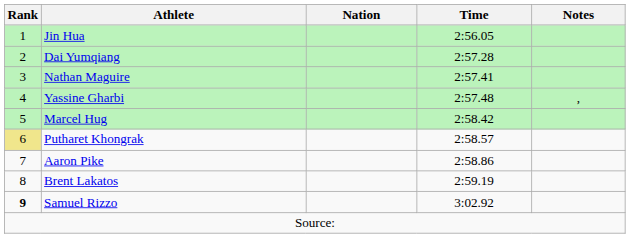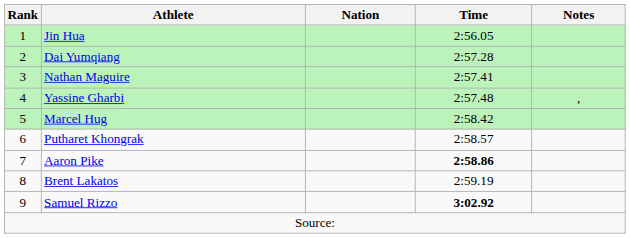 <table class="wikitable sortable" style="text-align:center;width: 60%;">
 <tr>
 <th scope="col" style="width: 10px;">Rank</th>
 <th scope="col">Athlete</th>
 <th scope="col">Nation</th>
 <th scope="col">Time</th>
 <th scope="col">Notes</th>
 </tr>
 <tr bgcolor=bbf3bb>
 <td>1</td>
 <td align=left><a href='#'>Jin Hua</a></td>
 <td align=left></td>
 <td>2:56.05</td>
 <td></td>
 </tr>
 <tr bgcolor=bbf3bb>
 <td>2</td>
 <td align=left><a href='#'>Dai Yumqiang</a></td>
 <td align=left></td>
 <td>2:57.28</td>
 <td></td>
 </tr>
 <tr bgcolor=bbf3bb>
 <td>3</td>
 <td align=left><a href='#'>Nathan Maguire</a></td>
 <td align=left></td>
 <td>2:57.41</td>
 <td></td>
 </tr>
 <tr bgcolor=bbf3bb>
 <td>4</td>
 <td align=left><a href='#'>Yassine Gharbi</a></td>
 <td align=left></td>
 <td>2:57.48</td>
 <td>, </td>
 </tr>
 <tr bgcolor=bbf3bb>
 <td>5</td>
 <td align=left><a href='#'>Marcel Hug</a></td>
 <td align=left></td>
 <td>2:58.42</td>
 <td></td>
 </tr>
 <tr>
-<td style="background: khaki;">6</td>
+<td>6</td>
 <td align=left><a href='#'>Putharet Khongrak</a></td>
 <td align=left></td>
 <td>2:58.57</td>
 <td></td>
 </tr>
 <tr>
 <td>7</td>
 <td align=left><a href='#'>Aaron Pike</a></td>
 <td align=left></td>
-<td>2:58.86</td>
+<td><strong>2:58.86</strong></td>
 <td></td>
 </tr>
 <tr>
 <td>8</td>
 <td align=left><a href='#'>Brent Lakatos</a></td>
 <td align=left></td>
 <td>2:59.19</td>
 <td></td>
 </tr>
 <tr>
-<td><strong>9</strong></td>
+<td>9</td>
 <td align=left><a href='#'>Samuel Rizzo</a></td>
 <td align=left></td>
-<td>3:02.92</td>
+<td><strong>3:02.92</strong></td>
 <td></td>
 </tr>
 <tr class="sortbottom">
 <td colspan="5">Source:</td>
 </tr>
 </table>
